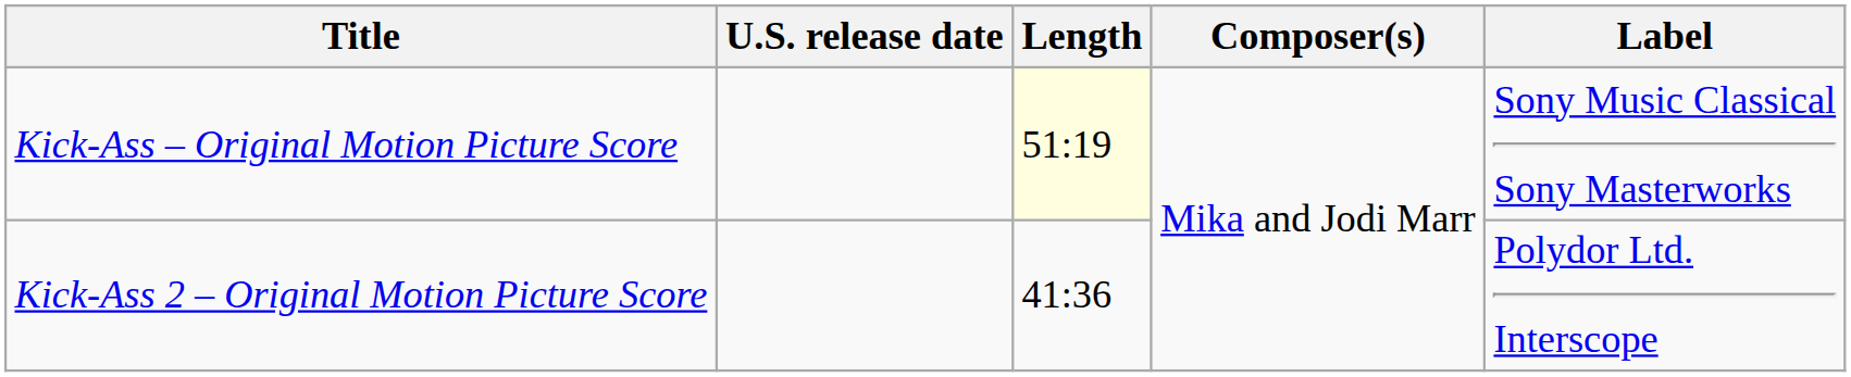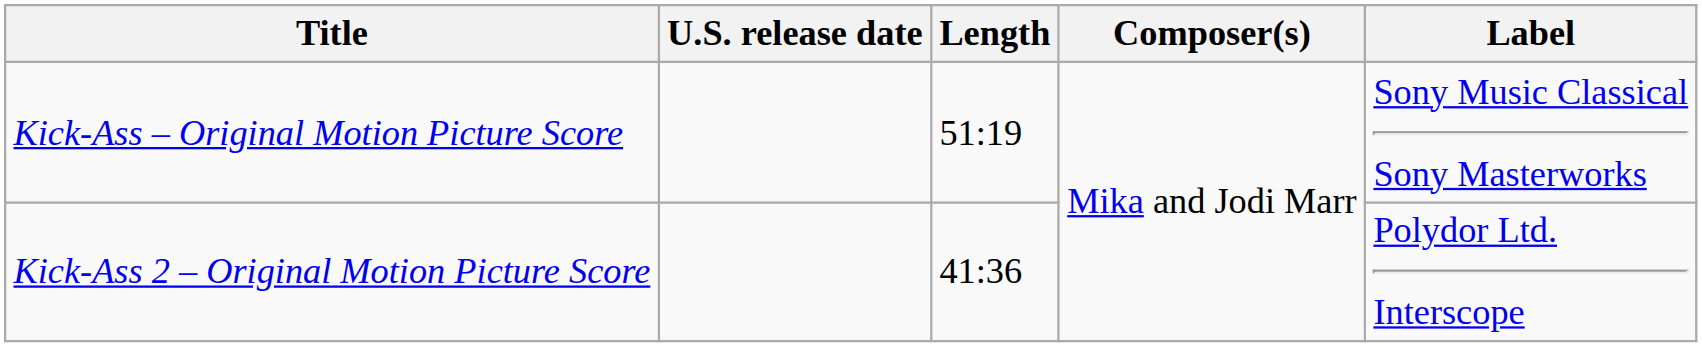 <table class="wikitable plainrowheaders" width:100%;">
 <tr>
 <th>Title</th>
 <th>U.S. release date</th>
 <th>Length</th>
 <th>Composer(s)</th>
 <th>Label</th>
 </tr>
 <tr>
 <td><em><a href='#'>Kick-Ass – Original Motion Picture Score</a></em></td>
 <td></td>
-<td style="background: lightyellow;">51:19</td>
+<td>51:19</td>
 <td rowspan="2"><a href='#'>Mika</a> and Jodi Marr</td>
 <td><a href='#'>Sony Music Classical</a><hr><a href='#'>Sony Masterworks</a></td>
 </tr>
 <tr>
 <td><em><a href='#'>Kick-Ass 2 – Original Motion Picture Score</a></em></td>
 <td></td>
 <td>41:36</td>
 <td><a href='#'>Polydor Ltd.</a><hr><a href='#'>Interscope</a></td>
 </tr>
 </table>
